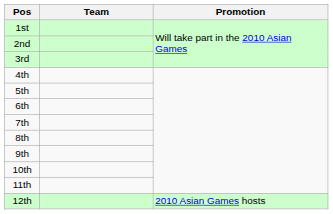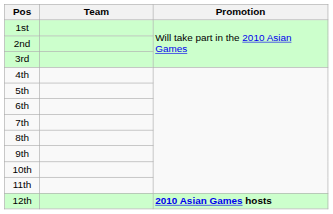 <table class="wikitable">
 <tr>
 <th width=50>Pos</th>
 <th width=175>Team</th>
 <th width=275>Promotion</th>
 </tr>
 <tr style="background:#ccffcc">
 <td align="center">1st</td>
 <td></td>
 <td rowspan=3>Will take part in the <a href='#'>2010 Asian Games</a></td>
 </tr>
 <tr style="background:#ccffcc">
 <td align="center">2nd</td>
 <td></td>
 </tr>
 <tr style="background:#ccffcc">
 <td align="center">3rd</td>
 <td></td>
 </tr>
 <tr>
 <td align="center">4th</td>
 <td></td>
 </tr>
 <tr>
 <td align="center">5th</td>
 <td></td>
 </tr>
 <tr>
 <td align="center">6th</td>
 <td></td>
 </tr>
 <tr>
 <td align="center">7th</td>
 <td></td>
 </tr>
 <tr>
 <td align="center">8th</td>
 <td></td>
 </tr>
 <tr>
 <td align="center">9th</td>
 <td></td>
 </tr>
 <tr>
 <td align="center">10th</td>
 <td></td>
 </tr>
 <tr>
 <td align="center">11th</td>
 <td></td>
 </tr>
 <tr style="background:#ccffcc">
 <td align="center">12th</td>
 <td></td>
-<td rowspan=1><a href='#'>2010 Asian Games</a> hosts</td>
+<td rowspan=1><strong><a href='#'>2010 Asian Games</a> hosts</strong></td>
 </tr>
 </table>
